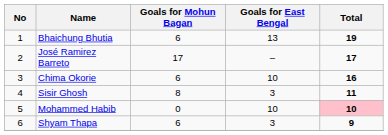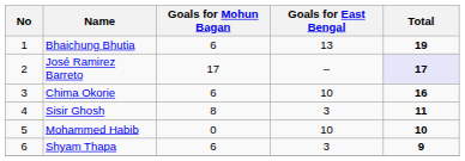 <table class="wikitable" style="font-size:90%; width:65%; text-align:center">
 <tr>
 <th width="5%">No</th>
 <th width="15%">Name</th>
 <th width="15%">Goals for <a href='#'>Mohun Bagan</a></th>
 <th width="15%">Goals for <a href='#'>East Bengal</a></th>
 <th width="10%">Total</th>
 </tr>
 <tr>
 <td>1</td>
 <td align="left"> <a href='#'>Bhaichung Bhutia</a></td>
 <td>6</td>
 <td>13</td>
 <td><strong>19</strong></td>
 </tr>
 <tr>
 <td>2</td>
 <td align="left"> <a href='#'>José Ramirez Barreto</a></td>
 <td>17</td>
 <td>–</td>
-<td><strong>17</strong></td>
+<td style="background: lavender;"><strong>17</strong></td>
 </tr>
 <tr>
 <td>3</td>
 <td align="left"> <a href='#'>Chima Okorie</a></td>
 <td>6</td>
 <td>10</td>
 <td><strong>16</strong></td>
 </tr>
 <tr>
 <td>4</td>
 <td align="left"> <a href='#'>Sisir Ghosh</a></td>
 <td>8</td>
 <td>3</td>
 <td><strong>11</strong></td>
 </tr>
 <tr>
 <td>5</td>
 <td align="left"> <a href='#'>Mohammed Habib</a></td>
 <td>0</td>
 <td>10</td>
-<td style="background: pink;"><strong>10</strong></td>
+<td><strong>10</strong></td>
 </tr>
 <tr>
 <td>6</td>
 <td align="left"> <a href='#'>Shyam Thapa</a></td>
 <td>6</td>
 <td>3</td>
 <td><strong>9</strong></td>
 </tr>
 <tr>
 </tr>
 </table>
